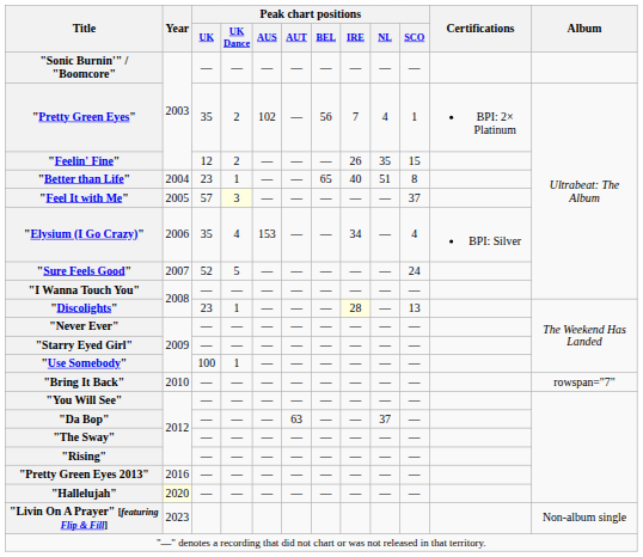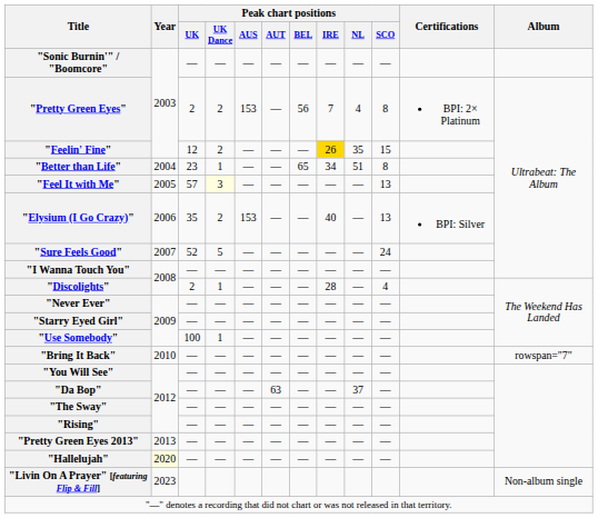 <table class="wikitable plainrowheaders" style="text-align:center;">
 <tr>
 <th scope="col" rowspan="2">Title</th>
 <th scope="col" rowspan="2">Year</th>
 <th scope="col" colspan="8">Peak chart positions</th>
 <th scope="col" rowspan="2">Certifications</th>
 <th scope="col" rowspan="2">Album</th>
 </tr>
 <tr>
 <th scope="col" style="width:2.5em;font-size:85%;"><a href='#'>UK</a><br></th>
 <th scope="col" style="width:2.5em;font-size:85%;"><a href='#'>UK Dance</a></th>
 <th scope="col" style="width:2.5em;font-size:85%;"><a href='#'>AUS</a><br></th>
 <th scope="col" style="width:2.5em;font-size:85%;"><a href='#'>AUT</a> <br></th>
 <th scope="col" style="width:2.5em;font-size:85%;"><a href='#'>BEL</a> <br></th>
 <th scope="col" style="width:2.5em;font-size:85%;"><a href='#'>IRE</a> <br></th>
 <th scope="col" style="width:2.5em;font-size:85%;"><a href='#'>NL</a> <br></th>
 <th scope="col" style="width:2.5em;font-size:85%;"><a href='#'>SCO</a></th>
 </tr>
 <tr>
 <th scope="row">"Sonic Burnin'" / "Boomcore"</th>
 <td rowspan="3">2003</td>
 <td>—</td>
 <td>—</td>
 <td>—</td>
 <td>—</td>
 <td>—</td>
 <td>—</td>
 <td>—</td>
 <td>—</td>
 <td></td>
 <td></td>
 </tr>
 <tr>
 <th scope="row">"<a href='#'>Pretty Green Eyes</a>"</th>
-<td>35</td>
 <td>2</td>
-<td>102</td>
+<td>2</td>
+<td>153</td>
 <td>—</td>
 <td>56</td>
 <td>7</td>
 <td>4</td>
-<td>1</td>
+<td>8</td>
 <td><br><ul><li>BPI: 2× Platinum</li></ul></td>
 <td rowspan="7"><em>Ultrabeat: The Album</em></td>
 </tr>
 <tr>
 <th scope="row">"<a href='#'>Feelin' Fine</a>"</th>
 <td>12</td>
 <td>2</td>
 <td>—</td>
 <td>—</td>
 <td>—</td>
-<td>26</td>
+<td style="background: gold;">26</td>
 <td>35</td>
 <td>15</td>
 <td></td>
 </tr>
 <tr>
 <th scope="row">"<a href='#'>Better than Life</a>"</th>
 <td>2004</td>
 <td>23</td>
 <td>1</td>
 <td>—</td>
 <td>—</td>
 <td>65</td>
-<td>40</td>
+<td>34</td>
 <td>51</td>
 <td>8</td>
 <td></td>
 </tr>
 <tr>
 <th scope="row">"<a href='#'>Feel It with Me</a>"</th>
 <td>2005</td>
 <td>57</td>
 <td style="background: lightyellow;">3</td>
 <td>—</td>
 <td>—</td>
 <td>—</td>
 <td>—</td>
 <td>—</td>
-<td>37</td>
+<td>13</td>
 <td></td>
 </tr>
 <tr>
 <th scope="row">"<a href='#'>Elysium (I Go Crazy)</a>"<br></th>
 <td>2006</td>
 <td>35</td>
-<td>4</td>
+<td>2</td>
 <td>153</td>
 <td>—</td>
 <td>—</td>
-<td>34</td>
+<td>40</td>
 <td>—</td>
-<td>4</td>
+<td>13</td>
 <td><br><ul><li>BPI: Silver</li></ul></td>
 </tr>
 <tr>
 <th scope="row">"<a href='#'>Sure Feels Good</a>" <br></th>
 <td>2007</td>
 <td>52</td>
 <td>5</td>
 <td>—</td>
 <td>—</td>
 <td>—</td>
 <td>—</td>
 <td>—</td>
 <td>24</td>
 <td></td>
 </tr>
 <tr>
 <th scope="row">"I Wanna Touch You"</th>
 <td rowspan="2">2008</td>
 <td>—</td>
 <td>—</td>
 <td>—</td>
 <td>—</td>
 <td>—</td>
 <td>—</td>
 <td>—</td>
 <td>—</td>
 <td></td>
 </tr>
 <tr>
 <th scope="row">"<a href='#'>Discolights</a>" <br></th>
-<td>23</td>
+<td>2</td>
 <td>1</td>
 <td>—</td>
 <td>—</td>
 <td>—</td>
-<td style="background: lightyellow;">28</td>
+<td>28</td>
 <td>—</td>
-<td>13</td>
+<td>4</td>
 <td></td>
 <td rowspan="4"><em>The Weekend Has Landed</em></td>
 </tr>
 <tr>
 <th scope="row">"Never Ever"</th>
 <td rowspan="3">2009</td>
 <td>—</td>
 <td>—</td>
 <td>—</td>
 <td>—</td>
 <td>—</td>
 <td>—</td>
 <td>—</td>
 <td>—</td>
 <td></td>
 </tr>
 <tr>
 <th scope="row">"Starry Eyed Girl"</th>
 <td>—</td>
 <td>—</td>
 <td>—</td>
 <td>—</td>
 <td>—</td>
 <td>—</td>
 <td>—</td>
 <td>—</td>
 <td></td>
 </tr>
 <tr>
 <th scope="row">"<a href='#'>Use Somebody</a>"</th>
 <td>100</td>
 <td>1</td>
 <td>—</td>
 <td>—</td>
 <td>—</td>
 <td>—</td>
 <td>—</td>
 <td>—</td>
 <td></td>
 </tr>
 <tr>
 <th scope="row">"Bring It Back"</th>
 <td>2010</td>
 <td>—</td>
 <td>—</td>
 <td>—</td>
 <td>—</td>
 <td>—</td>
 <td>—</td>
 <td>—</td>
 <td>—</td>
 <td></td>
 <td>rowspan="7" </td>
 </tr>
 <tr>
 <th scope="row">"You Will See" <br></th>
 <td rowspan="4">2012</td>
 <td>—</td>
 <td>—</td>
 <td>—</td>
 <td>—</td>
 <td>—</td>
 <td>—</td>
 <td>—</td>
 <td>—</td>
 <td></td>
 </tr>
 <tr>
 <th scope="row">"Da Bop" <br></th>
 <td>—</td>
 <td>—</td>
 <td>—</td>
 <td>63</td>
 <td>—</td>
 <td>—</td>
 <td>37</td>
 <td>—</td>
 <td></td>
 </tr>
 <tr>
 <th scope="row">"The Sway" <br></th>
 <td>—</td>
 <td>—</td>
 <td>—</td>
 <td>—</td>
 <td>—</td>
 <td>—</td>
 <td>—</td>
 <td>—</td>
 <td></td>
 </tr>
 <tr>
 <th scope="row">"Rising"</th>
 <td>—</td>
 <td>—</td>
 <td>—</td>
 <td>—</td>
 <td>—</td>
 <td>—</td>
 <td>—</td>
 <td>—</td>
 <td></td>
 </tr>
 <tr>
 <th scope="row">"Pretty Green Eyes 2013"</th>
-<td>2016</td>
+<td>2013</td>
 <td>—</td>
 <td>—</td>
 <td>—</td>
 <td>—</td>
 <td>—</td>
 <td>—</td>
 <td>—</td>
 <td>—</td>
 <td></td>
 </tr>
 <tr>
 <th scope="row">"Hallelujah"</th>
 <td style="background: lightyellow;">2020</td>
 <td>—</td>
 <td>—</td>
 <td>—</td>
 <td>—</td>
 <td>—</td>
 <td>—</td>
 <td>—</td>
 <td>—</td>
 <td></td>
 </tr>
 <tr>
 <th>"Livin On A Prayer" <small>[<em>featuring  <a href='#'>Flip & Fill</a></em>]</small></th>
 <td>2023</td>
 <td></td>
 <td></td>
 <td></td>
 <td></td>
 <td></td>
 <td></td>
 <td></td>
 <td></td>
 <td></td>
 <td>Non-album single</td>
 </tr>
 <tr>
 <td colspan="15" style="font-size:90%">"—" denotes a recording that did not chart or was not released in that territory.</td>
 </tr>
 </table>
